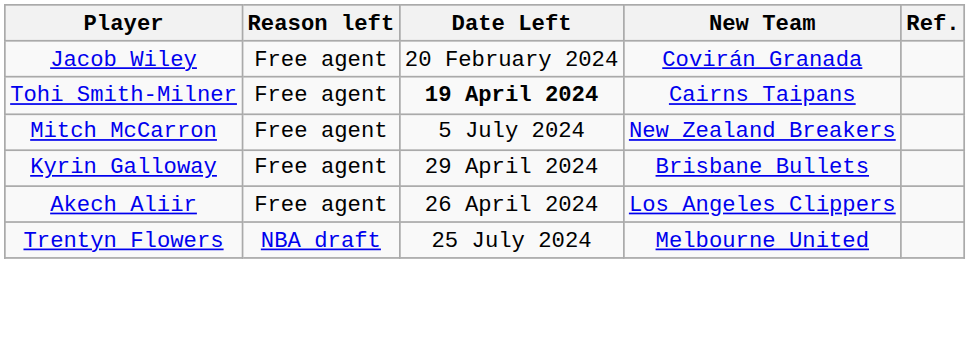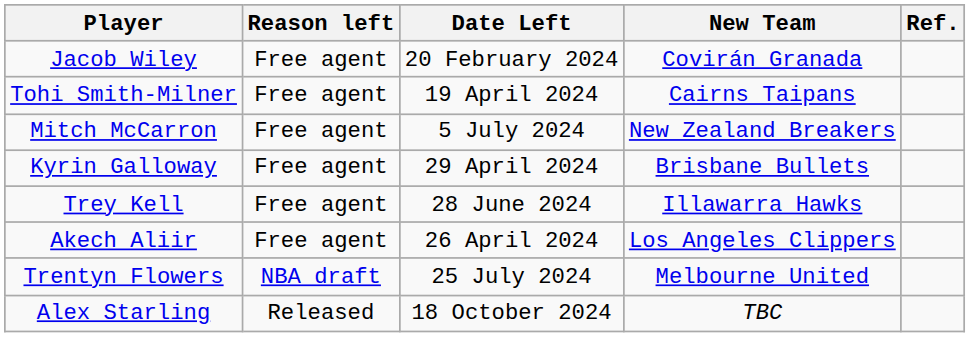 <table class="wikitable sortable sortable" style="text-align: center">
 <tr>
 <th>Player</th>
 <th>Reason left</th>
 <th>Date Left</th>
 <th>New Team</th>
 <th>Ref.</th>
 </tr>
 <tr>
 <td><a href='#'>Jacob Wiley</a></td>
 <td>Free agent</td>
 <td>20 February 2024</td>
 <td><a href='#'>Covirán Granada</a></td>
 <td></td>
 </tr>
 <tr>
 <td><a href='#'>Tohi Smith-Milner</a></td>
 <td>Free agent</td>
-<td><strong>19 April 2024</strong></td>
+<td>19 April 2024</td>
 <td><a href='#'>Cairns Taipans</a></td>
 <td></td>
 </tr>
 <tr>
 <td><a href='#'>Mitch McCarron</a></td>
 <td>Free agent</td>
 <td>5 July 2024</td>
 <td><a href='#'>New Zealand Breakers</a></td>
 <td></td>
 </tr>
 <tr>
 <td><a href='#'>Kyrin Galloway</a></td>
 <td>Free agent</td>
 <td>29 April 2024</td>
 <td><a href='#'>Brisbane Bullets</a></td>
 <td></td>
 </tr>
 <tr>
+<td><a href='#'>Trey Kell</a></td>
+<td>Free agent</td>
+<td>28 June 2024</td>
+<td><a href='#'>Illawarra Hawks</a></td>
+<td></td>
+</tr>
+<tr>
 <td><a href='#'>Akech Aliir</a></td>
 <td>Free agent</td>
 <td>26 April 2024</td>
 <td><a href='#'>Los Angeles Clippers</a></td>
 <td></td>
 </tr>
 <tr>
 <td><a href='#'>Trentyn Flowers</a></td>
 <td><a href='#'>NBA draft</a></td>
 <td>25 July 2024</td>
 <td><a href='#'>Melbourne United</a></td>
 <td></td>
 </tr>
+<tr>
+<td><a href='#'>Alex Starling</a></td>
+<td>Released</td>
+<td>18 October 2024</td>
+<td><em>TBC</em></td>
+<td></td>
+</tr>
 </table>
